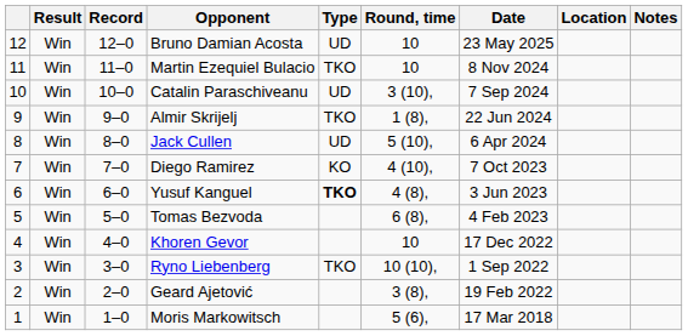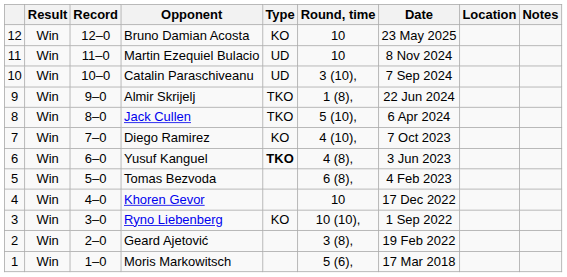 <table class="wikitable" style="text-align:center;">
 <tr>
 <th></th>
 <th>Result</th>
 <th>Record</th>
 <th>Opponent</th>
 <th>Type</th>
 <th>Round, time</th>
 <th>Date</th>
 <th>Location</th>
 <th>Notes</th>
 </tr>
 <tr>
 <td>12</td>
 <td>Win</td>
 <td>12–0</td>
 <td align="left">Bruno Damian Acosta</td>
-<td>UD</td>
+<td>KO</td>
 <td>10</td>
 <td>23 May 2025</td>
 <td align="left"></td>
 <td align="left"></td>
 </tr>
 <tr>
 <td>11</td>
 <td>Win</td>
 <td>11–0</td>
 <td align="left">Martin Ezequiel Bulacio</td>
-<td>TKO</td>
+<td>UD</td>
 <td>10</td>
 <td>8 Nov 2024</td>
 <td align="left"></td>
 <td align="left"></td>
 </tr>
 <tr>
 <td>10</td>
 <td>Win</td>
 <td>10–0</td>
 <td align=left>Catalin Paraschiveanu</td>
 <td>UD</td>
 <td>3 (10), </td>
 <td>7 Sep 2024</td>
 <td align=left></td>
 <td align=left></td>
 </tr>
 <tr>
 <td>9</td>
 <td>Win</td>
 <td>9–0</td>
 <td align=left>Almir Skrijelj</td>
 <td>TKO</td>
 <td>1 (8), </td>
 <td>22 Jun 2024</td>
 <td align=left></td>
 <td></td>
 </tr>
 <tr>
 <td>8</td>
 <td>Win</td>
 <td>8–0</td>
 <td align=left><a href='#'>Jack Cullen</a></td>
-<td>UD</td>
+<td>TKO</td>
 <td>5 (10), </td>
 <td>6 Apr 2024</td>
 <td align=left></td>
 <td align=left></td>
 </tr>
 <tr>
 <td>7</td>
 <td>Win</td>
 <td>7–0</td>
 <td align=left>Diego Ramirez</td>
 <td>KO</td>
 <td>4 (10), </td>
 <td>7 Oct 2023</td>
 <td align=left></td>
 <td align=left></td>
 </tr>
 <tr>
 <td>6</td>
 <td>Win</td>
 <td>6–0</td>
 <td align=left>Yusuf Kanguel</td>
 <td><strong>TKO</strong></td>
 <td>4 (8), </td>
 <td>3 Jun 2023</td>
 <td align=left></td>
 <td align=left></td>
 </tr>
 <tr>
 <td>5</td>
 <td>Win</td>
 <td>5–0</td>
 <td align=left>Tomas Bezvoda</td>
 <td></td>
 <td>6 (8), </td>
 <td>4 Feb 2023</td>
 <td align=left></td>
 <td></td>
 </tr>
 <tr>
 <td>4</td>
 <td>Win</td>
 <td>4–0</td>
 <td align=left><a href='#'>Khoren Gevor</a></td>
 <td></td>
 <td>10</td>
 <td>17 Dec 2022</td>
 <td align=left></td>
 <td align=left></td>
 </tr>
 <tr>
 <td>3</td>
 <td>Win</td>
 <td>3–0</td>
 <td align=left><a href='#'>Ryno Liebenberg</a></td>
-<td>TKO</td>
+<td>KO</td>
 <td>10 (10), </td>
 <td>1 Sep 2022</td>
 <td align=left></td>
 <td></td>
 </tr>
 <tr>
 <td>2</td>
 <td>Win</td>
 <td>2–0</td>
 <td align=left>Geard Ajetović</td>
 <td></td>
 <td>3 (8), </td>
 <td>19 Feb 2022</td>
 <td align=left></td>
 <td></td>
 </tr>
 <tr>
 <td>1</td>
 <td>Win</td>
 <td>1–0</td>
 <td align=left>Moris Markowitsch</td>
 <td></td>
 <td>5 (6), </td>
 <td>17 Mar 2018</td>
 <td align=left></td>
 <td></td>
 </tr>
 </table>
